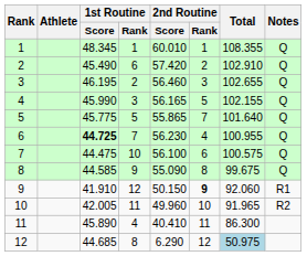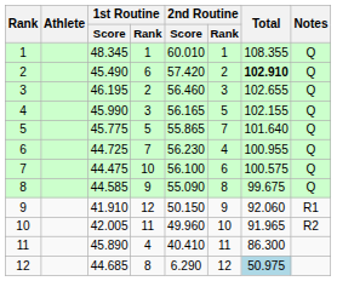 <table class=wikitable style="text-align:center">
 <tr>
 <th rowspan=2>Rank</th>
 <th rowspan=2>Athlete</th>
 <th colspan=2>1st Routine</th>
 <th colspan=2>2nd Routine</th>
 <th rowspan=2>Total</th>
 <th rowspan=2>Notes</th>
 </tr>
 <tr style="font-size:95%">
 <th>Score</th>
 <th>Rank</th>
 <th>Score</th>
 <th>Rank</th>
 </tr>
 <tr bgcolor=ccffcc>
 <td>1</td>
 <td align=left></td>
 <td>48.345</td>
 <td>1</td>
 <td>60.010</td>
 <td>1</td>
 <td>108.355</td>
 <td>Q</td>
 </tr>
 <tr bgcolor=ccffcc>
 <td>2</td>
 <td align=left></td>
 <td>45.490</td>
 <td>6</td>
 <td>57.420</td>
 <td>2</td>
-<td>102.910</td>
+<td><strong>102.910</strong></td>
 <td>Q</td>
 </tr>
 <tr bgcolor=ccffcc>
 <td>3</td>
 <td align=left></td>
 <td>46.195</td>
 <td>2</td>
 <td>56.460</td>
 <td>3</td>
 <td>102.655</td>
 <td>Q</td>
 </tr>
 <tr bgcolor=ccffcc>
 <td>4</td>
 <td align=left></td>
 <td>45.990</td>
 <td>3</td>
 <td>56.165</td>
 <td>5</td>
 <td>102.155</td>
 <td>Q</td>
 </tr>
 <tr bgcolor=ccffcc>
 <td>5</td>
 <td align=left></td>
 <td>45.775</td>
 <td>5</td>
 <td>55.865</td>
 <td>7</td>
 <td>101.640</td>
 <td>Q</td>
 </tr>
 <tr bgcolor=ccffcc>
 <td>6</td>
 <td align=left></td>
-<td><strong>44.725</strong></td>
+<td>44.725</td>
 <td>7</td>
 <td>56.230</td>
 <td>4</td>
 <td>100.955</td>
 <td>Q</td>
 </tr>
 <tr bgcolor=ccffcc>
 <td>7</td>
 <td align=left></td>
 <td>44.475</td>
 <td>10</td>
 <td>56.100</td>
 <td>6</td>
 <td>100.575</td>
 <td>Q</td>
 </tr>
 <tr bgcolor=ccffcc>
 <td>8</td>
 <td align=left></td>
 <td>44.585</td>
 <td>9</td>
 <td>55.090</td>
 <td>8</td>
 <td>99.675</td>
 <td>Q</td>
 </tr>
 <tr>
 <td>9</td>
 <td align=left></td>
 <td>41.910</td>
 <td>12</td>
 <td>50.150</td>
-<td><strong>9</strong></td>
+<td>9</td>
 <td>92.060</td>
 <td>R1</td>
 </tr>
 <tr>
 <td>10</td>
 <td align=left></td>
 <td>42.005</td>
 <td>11</td>
 <td>49.960</td>
 <td>10</td>
 <td>91.965</td>
 <td>R2</td>
 </tr>
 <tr>
 <td>11</td>
 <td align=left></td>
 <td>45.890</td>
 <td>4</td>
 <td>40.410</td>
 <td>11</td>
 <td>86.300</td>
 <td></td>
 </tr>
 <tr>
 <td>12</td>
 <td align=left></td>
 <td>44.685</td>
 <td>8</td>
 <td>6.290</td>
 <td>12</td>
 <td style="background: lightblue;">50.975</td>
 <td></td>
 </tr>
 </table>
